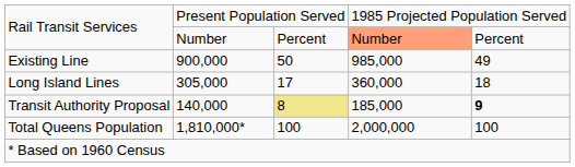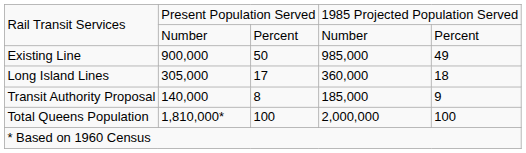 <table class=wikitable>
 <tr>
 <td rowspan="2">Rail Transit Services</td>
 <td colspan="2">Present Population Served</td>
 <td colspan="2">1985 Projected Population Served</td>
 </tr>
 <tr>
 <td>Number</td>
 <td>Percent</td>
-<td style="background: lightsalmon;">Number</td>
+<td>Number</td>
 <td>Percent</td>
 </tr>
 <tr>
 <td>Existing Line</td>
 <td>900,000</td>
 <td>50</td>
 <td>985,000</td>
 <td>49</td>
 </tr>
 <tr>
 <td>Long Island Lines</td>
 <td>305,000</td>
 <td>17</td>
 <td>360,000</td>
 <td>18</td>
 </tr>
 <tr>
 <td>Transit Authority Proposal</td>
 <td>140,000</td>
-<td style="background: khaki;">8</td>
+<td>8</td>
 <td>185,000</td>
-<td><strong>9</strong></td>
+<td>9</td>
 </tr>
 <tr>
 <td>Total Queens Population</td>
 <td>1,810,000*</td>
 <td>100</td>
 <td>2,000,000</td>
 <td>100</td>
 </tr>
 <tr>
 <td colspan="5">* Based on 1960 Census</td>
 </tr>
 </table>
